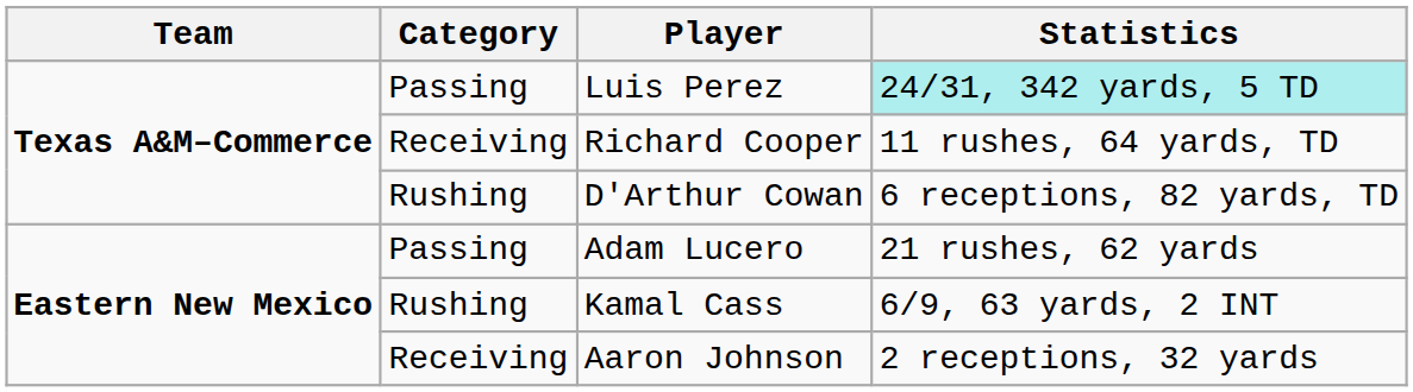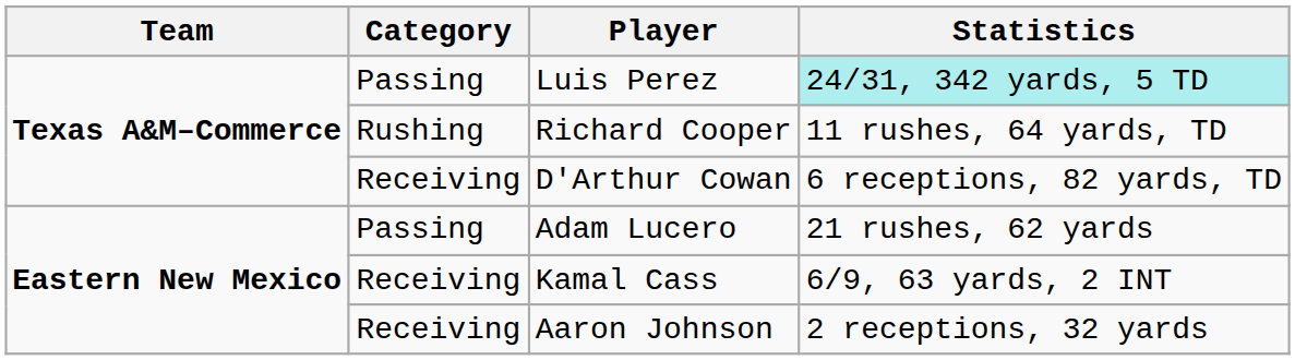 <table class="wikitable" style="float: right;">
 <tr>
 <th>Team</th>
 <th>Category</th>
 <th>Player</th>
 <th>Statistics</th>
 </tr>
 <tr>
 <td rowspan=3><strong>Texas A&M–Commerce</strong></td>
 <td>Passing</td>
 <td>Luis Perez</td>
 <td style="background: paleturquoise;">24/31, 342 yards, 5 TD</td>
 </tr>
 <tr>
-<td>Receiving</td>
+<td>Rushing</td>
 <td>Richard Cooper</td>
 <td>11 rushes, 64 yards, TD</td>
 </tr>
 <tr>
-<td>Rushing</td>
+<td>Receiving</td>
 <td>D'Arthur Cowan</td>
 <td>6 receptions, 82 yards, TD</td>
 </tr>
 <tr>
 <td rowspan=3><strong>Eastern New Mexico</strong></td>
 <td>Passing</td>
 <td>Adam Lucero</td>
 <td>21 rushes, 62 yards</td>
 </tr>
 <tr>
-<td>Rushing</td>
+<td>Receiving</td>
 <td>Kamal Cass</td>
 <td>6/9, 63 yards, 2 INT</td>
 </tr>
 <tr>
 <td>Receiving</td>
 <td>Aaron Johnson</td>
 <td>2 receptions, 32 yards</td>
 </tr>
 </table>
